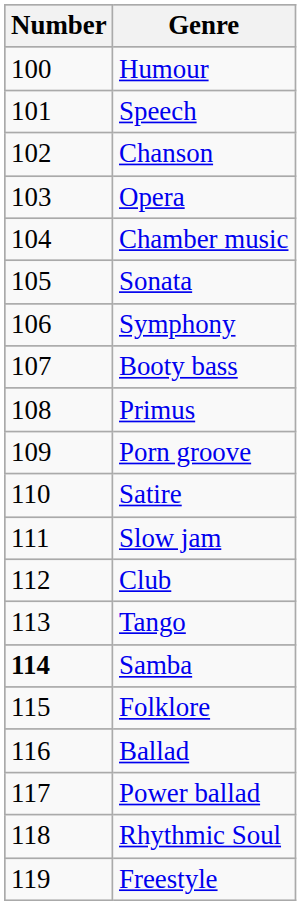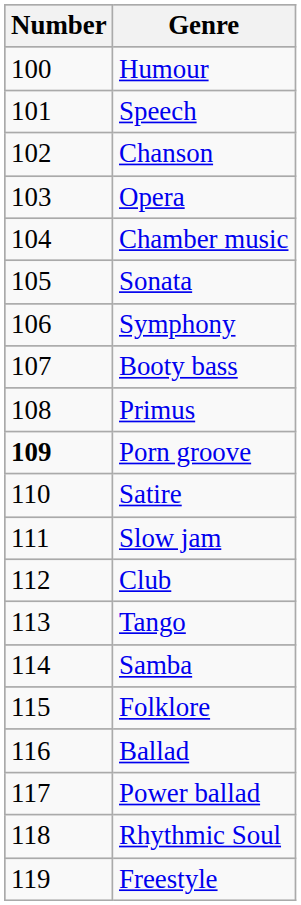 <table class="wikitable">
 <tr>
 <th>Number</th>
 <th>Genre</th>
 </tr>
 <tr>
 <td>100</td>
 <td><a href='#'>Humour</a></td>
 </tr>
 <tr>
 <td>101</td>
 <td><a href='#'>Speech</a></td>
 </tr>
 <tr>
 <td>102</td>
 <td><a href='#'>Chanson</a></td>
 </tr>
 <tr>
 <td>103</td>
 <td><a href='#'>Opera</a></td>
 </tr>
 <tr>
 <td>104</td>
 <td><a href='#'>Chamber music</a></td>
 </tr>
 <tr>
 <td>105</td>
 <td><a href='#'>Sonata</a></td>
 </tr>
 <tr>
 <td>106</td>
 <td><a href='#'>Symphony</a></td>
 </tr>
 <tr>
 <td>107</td>
 <td><a href='#'>Booty bass</a></td>
 </tr>
 <tr>
 <td>108</td>
 <td><a href='#'>Primus</a></td>
 </tr>
 <tr>
-<td>109</td>
+<td><strong>109</strong></td>
 <td><a href='#'>Porn groove</a></td>
 </tr>
 <tr>
 <td>110</td>
 <td><a href='#'>Satire</a></td>
 </tr>
 <tr>
 <td>111</td>
 <td><a href='#'>Slow jam</a></td>
 </tr>
 <tr>
 <td>112</td>
 <td><a href='#'>Club</a></td>
 </tr>
 <tr>
 <td>113</td>
 <td><a href='#'>Tango</a></td>
 </tr>
 <tr>
-<td><strong>114</strong></td>
+<td>114</td>
 <td><a href='#'>Samba</a></td>
 </tr>
 <tr>
 <td>115</td>
 <td><a href='#'>Folklore</a></td>
 </tr>
 <tr>
 <td>116</td>
 <td><a href='#'>Ballad</a></td>
 </tr>
 <tr>
 <td>117</td>
 <td><a href='#'>Power ballad</a></td>
 </tr>
 <tr>
 <td>118</td>
 <td><a href='#'>Rhythmic Soul</a></td>
 </tr>
 <tr>
 <td>119</td>
 <td><a href='#'>Freestyle</a></td>
 </tr>
 </table>
